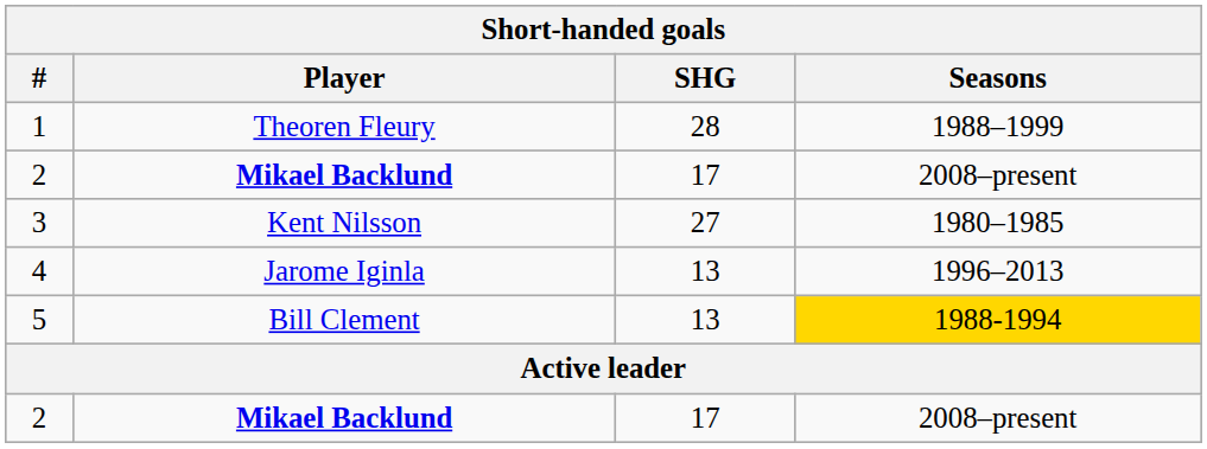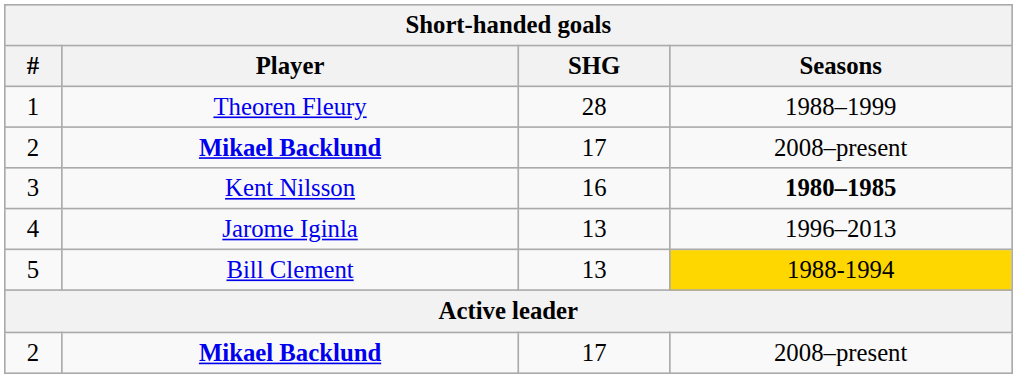 <table class="wikitable" style="text-align: center; font-size: 95%" width="70%">
 <tr>
 <th colspan="4">Short-handed goals</th>
 </tr>
 <tr>
 <th>#</th>
 <th>Player</th>
 <th>SHG</th>
 <th>Seasons</th>
 </tr>
 <tr>
 <td>1</td>
 <td><a href='#'>Theoren Fleury</a></td>
 <td>28</td>
 <td>1988–1999</td>
 </tr>
 <tr>
 <td>2</td>
 <td><strong><a href='#'>Mikael Backlund</a></strong></td>
 <td>17</td>
 <td>2008–present</td>
 </tr>
 <tr>
 <td>3</td>
 <td><a href='#'>Kent Nilsson</a></td>
-<td>27</td>
-<td>1980–1985</td>
+<td>16</td>
+<td><strong>1980–1985</strong></td>
 </tr>
 <tr>
 <td>4</td>
 <td><a href='#'>Jarome Iginla</a></td>
 <td>13</td>
 <td>1996–2013</td>
 </tr>
 <tr>
 <td>5</td>
 <td><a href='#'>Bill Clement</a></td>
 <td>13</td>
 <td style="background: gold;">1988-1994</td>
 </tr>
 <tr>
 <th colspan="4">Active leader</th>
 </tr>
 <tr>
 <td>2</td>
 <td><strong><a href='#'>Mikael Backlund</a></strong></td>
 <td>17</td>
 <td>2008–present</td>
 </tr>
 </table>
